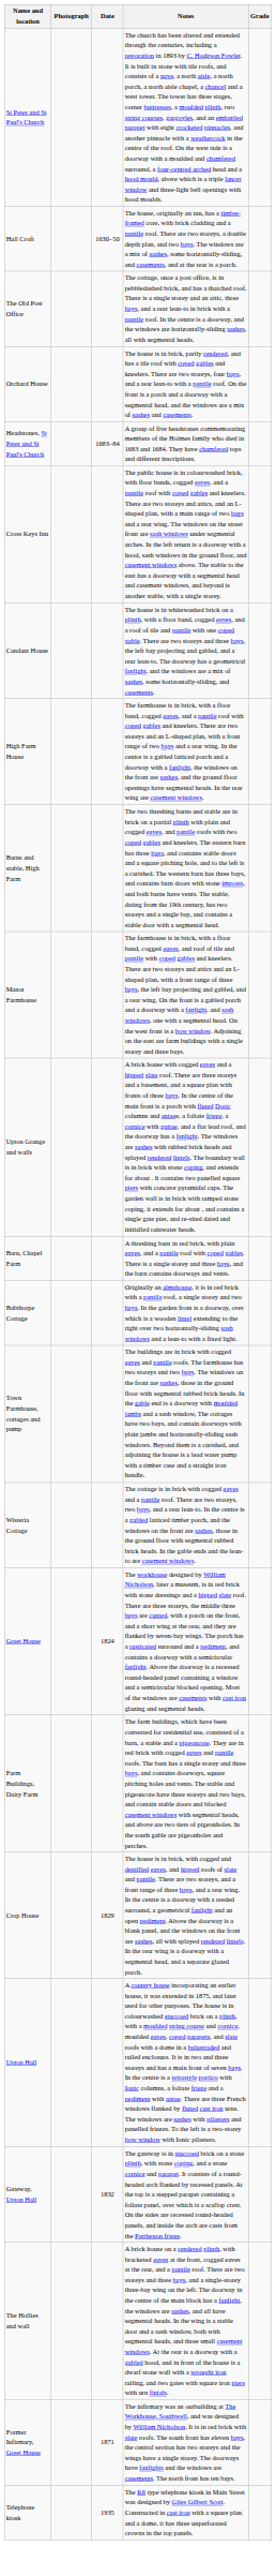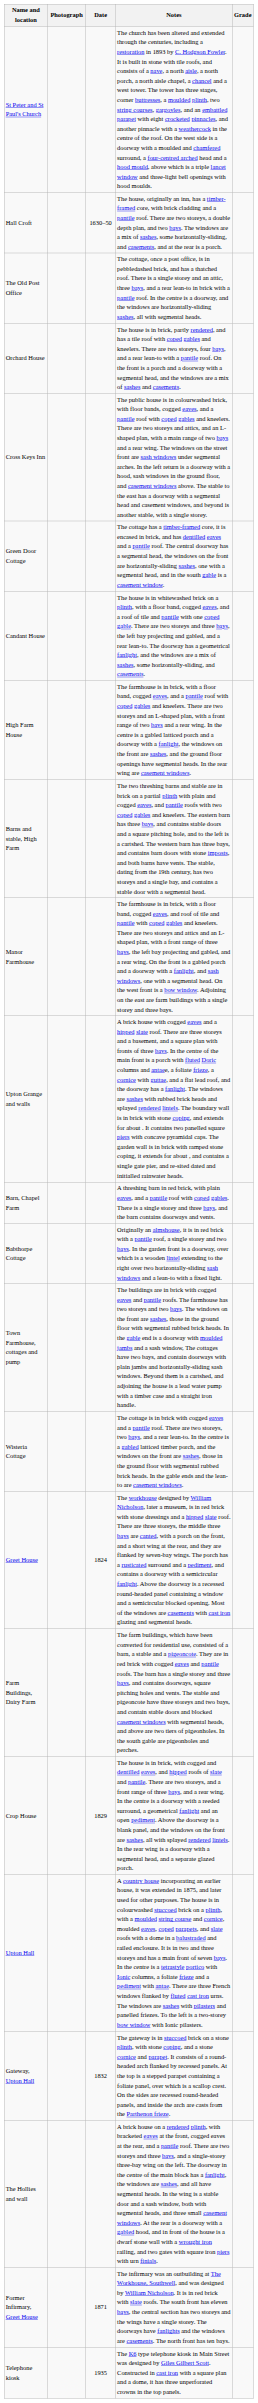 <table class="wikitable sortable plainrowheaders" style="width:100%; border:0px; text-align:left; line-height:150%">
 <tr>
 <th scope="col"  style="width:150px">Name and location</th>
 <th scope="col"  style="width:100px" class="unsortable">Photograph</th>
 <th scope="col"  style="width:120px">Date</th>
 <th scope="col"  style="width:650px" class="unsortable">Notes</th>
 <th scope="col"  style="width:50px">Grade</th>
 </tr>
 <tr>
 <td><a href='#'>St Peter and St Paul's Church</a><br><small></small></td>
 <td></td>
 <td align="center"></td>
 <td>The church has been altered and extended through the centuries, including a <a href='#'>restoration</a> in 1893 by <a href='#'>C. Hodgson Fowler</a>.  It is built in stone with tile roofs, and consists of a <a href='#'>nave</a>, a north <a href='#'>aisle</a>, a north porch, a north aisle chapel, a <a href='#'>chancel</a> and a west tower.  The tower has three stages, corner <a href='#'>buttresses</a>, a <a href='#'>moulded</a> <a href='#'>plinth</a>, two <a href='#'>string courses</a>, <a href='#'>gargoyles</a>, and an <a href='#'>embattled</a> <a href='#'>parapet</a> with eight <a href='#'>crocketed</a> <a href='#'>pinnacles</a>, and another pinnacle with a <a href='#'>weathercock</a> in the centre of the roof.  On the west side is a doorway with a moulded and <a href='#'>chamfered</a> surround, a <a href='#'>four-centred arched</a> head and a <a href='#'>hood mould</a>, above which is a triple <a href='#'>lancet window</a> and three-light bell openings with hood moulds.</td>
 <td align="center" ></td>
 </tr>
 <tr>
 <td>Hall Croft<br><small></small></td>
 <td></td>
 <td align="center">1630–50</td>
 <td>The house, originally an inn, has a <a href='#'>timber-framed</a> core, with brick cladding and a <a href='#'>pantile</a> roof.  There are two storeys, a double depth plan, and two <a href='#'>bays</a>.  The windows are a mix of <a href='#'>sashes</a>, some horizontally-sliding, and <a href='#'>casements</a>, and at the rear is a porch.</td>
 <td align="center" ></td>
 </tr>
 <tr>
 <td>The Old Post Office<br><small></small></td>
 <td></td>
 <td align="center"></td>
 <td>The cottage, once a post office, is in pebbledashed brick, and has a thatched roof.  There is a single storey and an attic, three <a href='#'>bays</a>, and a rear lean-to in brick with a <a href='#'>pantile</a> roof.  In the centre is a doorway, and the windows are horizontally-sliding <a href='#'>sashes</a>, all with segmental heads.</td>
 <td align="center" ></td>
 </tr>
 <tr>
 <td>Orchard House<br><small></small></td>
 <td></td>
 <td align="center"></td>
 <td>The house is in brick, partly <a href='#'>rendered</a>, and has a tile roof with <a href='#'>coped</a> <a href='#'>gables</a> and kneelers.  There are two storeys, four <a href='#'>bays</a>, and a rear lean-to with a <a href='#'>pantile</a> roof.  On the front is a porch and a doorway with a segmental head, and the windows are a mix of <a href='#'>sashes</a> and <a href='#'>casements</a>.</td>
 <td align="center" ></td>
 </tr>
 <tr>
-<td>Headstones, <a href='#'>St Peter and St Paul's Church</a><br><small></small></td>
-<td></td>
-<td align="center">1683–84</td>
-<td>A group of five headstones commemorating members of the Holmes family who died in 1683 and 1684.  They have <a href='#'>chamfered</a> tops and different inscriptions.</td>
-<td align="center" ></td>
-</tr>
-<tr>
 <td>Cross Keys Inn<br><small></small></td>
 <td></td>
 <td align="center"></td>
 <td>The public house is in colourwashed brick, with floor bands, cogged <a href='#'>eaves</a>, and a <a href='#'>pantile</a> roof with <a href='#'>coped</a> <a href='#'>gables</a> and kneelers.  There are two storeys and attics, and an L-shaped plan, with a main range of two <a href='#'>bays</a> and a rear wing.  The windows on the street front are <a href='#'>sash windows</a> under segmental arches.  In the left return is a doorway with a hood, sash windows in the ground floor, and <a href='#'>casement windows</a> above.  The stable to the east has a doorway with a segmental head and casement windows, and beyond is another stable, with a single storey.</td>
+<td align="center" ></td>
+</tr>
+<tr>
+<td>Green Door Cottage<br><small></small></td>
+<td></td>
+<td align="center"></td>
+<td>The cottage has a <a href='#'>timber-framed</a> core, it is encased in brick, and has <a href='#'>dentilled</a> <a href='#'>eaves</a> and a <a href='#'>pantile</a> roof.  The central doorway has a segmental head, the windows on the front are horizontally-sliding <a href='#'>sashes</a>, one with a segmental head, and in the south <a href='#'>gable</a> is a <a href='#'>casement window</a>.</td>
 <td align="center" ></td>
 </tr>
 <tr>
 <td>Candant House<br><small></small></td>
 <td></td>
 <td align="center"></td>
 <td>The house is in whitewashed brick on a <a href='#'>plinth</a>, with a floor band, cogged <a href='#'>eaves</a>, and a roof of tile and <a href='#'>pantile</a> with one <a href='#'>coped</a> <a href='#'>gable</a>.  There are two storeys and three <a href='#'>bays</a>, the left bay projecting and gabled, and a rear lean-to.  The doorway has a geometrical <a href='#'>fanlight</a>, and the windows are a mix of <a href='#'>sashes</a>, some horizontally-sliding, and <a href='#'>casements</a>.</td>
 <td align="center" ></td>
 </tr>
 <tr>
 <td>High Farm House<br><small></small></td>
 <td></td>
 <td align="center"></td>
 <td>The farmhouse is in brick, with a floor band, cogged <a href='#'>eaves</a>, and a <a href='#'>pantile</a> roof with <a href='#'>coped</a> <a href='#'>gables</a> and kneelers.  There are two storeys and an L-shaped plan, with a front range of two <a href='#'>bays</a> and a rear wing.  In the centre is a gabled latticed porch and a doorway with a <a href='#'>fanlight</a>, the windows on the front are <a href='#'>sashes</a>, and the ground floor openings have segmental heads.  In the rear wing are <a href='#'>casement windows</a>.</td>
 <td align="center" ></td>
 </tr>
 <tr>
 <td>Barns and stable, High Farm<br><small></small></td>
 <td></td>
 <td align="center"></td>
 <td>The two threshing barns and stable are in brick on a partial <a href='#'>plinth</a> with plain and cogged <a href='#'>eaves</a>, and <a href='#'>pantile</a> roofs with two <a href='#'>coped</a> <a href='#'>gables</a> and kneelers.  The eastern barn has three <a href='#'>bays</a>, and contains stable doors and a square pitching hole, and to the left is a cartshed.  The western barn has three bays, and contains barn doors with stone <a href='#'>imposts</a>, and both barns have vents.  The stable, dating from the 19th century, has two storeys and a single bay, and contains a stable door with a segmental head.</td>
 <td align="center" ></td>
 </tr>
 <tr>
 <td>Manor Farmhouse<br><small></small></td>
 <td></td>
 <td align="center"></td>
 <td>The farmhouse is in brick, with a floor band, cogged <a href='#'>eaves</a>, and roof of tile and <a href='#'>pantile</a> with <a href='#'>coped</a> <a href='#'>gables</a> and kneelers.  There are two storeys and attics and an L-shaped plan, with a front range of three <a href='#'>bays</a>, the left bay projecting and gabled, and a rear wing.  On the front is a gabled porch and a doorway with a <a href='#'>fanlight</a>, and <a href='#'>sash windows</a>, one with a segmental head.  On the west front is a <a href='#'>bow window</a>.  Adjoining on the east are farm buildings with a single storey and three bays.</td>
 <td align="center" ></td>
 </tr>
 <tr>
 <td>Upton Grange and walls<br><small></small></td>
 <td></td>
 <td align="center"></td>
 <td>A brick house with cogged <a href='#'>eaves</a> and a <a href='#'>hipped</a> <a href='#'>slate</a> roof.  There are three storeys and a basement, and a square plan with fronts of three <a href='#'>bays</a>.  In the centre of the main front is a porch with <a href='#'>fluted</a> <a href='#'>Doric</a> columns and <a href='#'>antae</a>e, a foliate <a href='#'>frieze</a>, a <a href='#'>cornice</a> with <a href='#'>guttae</a>, and a flat lead roof, and the doorway has a <a href='#'>fanlight</a>.  The windows are <a href='#'>sashes</a> with rubbed brick heads and splayed <a href='#'>rendered</a> <a href='#'>lintels</a>.  The boundary wall is in brick with stone <a href='#'>coping</a>, and extends for about .  It contains two panelled square <a href='#'>piers</a> with concave pyramidal caps.  The garden wall is in brick with ramped stone coping, it extends for about , and contains a single gate pier, and re-sited dated and initialled rainwater heads.</td>
 <td align="center" ></td>
 </tr>
 <tr>
 <td>Barn, Chapel Farm<br><small></small></td>
 <td></td>
 <td align="center"></td>
 <td>A threshing barn in red brick, with plain <a href='#'>eaves</a>, and a <a href='#'>pantile</a> roof with <a href='#'>coped</a> <a href='#'>gables</a>.  There is a single storey and three <a href='#'>bays</a>, and the barn contains doorways and vents.</td>
 <td align="center" ></td>
 </tr>
 <tr>
 <td>Babthorpe Cottage<br><small></small></td>
 <td></td>
 <td align="center"></td>
 <td>Originally an <a href='#'>almshouse</a>, it is in red brick with a <a href='#'>pantile</a> roof, a single storey and two <a href='#'>bays</a>.  In the garden front is a doorway, over which is a wooden <a href='#'>lintel</a> extending to the right over two horizontally-sliding <a href='#'>sash windows</a> and a lean-to with a fixed light.</td>
 <td align="center" ></td>
 </tr>
 <tr>
 <td>Town Farmhouse, cottages and pump<br><small></small></td>
 <td></td>
 <td align="center"></td>
 <td>The buildings are in brick with cogged <a href='#'>eaves</a> and <a href='#'>pantile</a> roofs.  The farmhouse has two storeys and two <a href='#'>bays</a>.  The windows on the front are <a href='#'>sashes</a>, those in the ground floor with segmental rubbed brick heads.  In the <a href='#'>gable</a> end is a doorway with <a href='#'>moulded</a> <a href='#'>jambs</a> and a sash window,  The cottages have two bays, and contain doorways with plain jambs and horizontally-sliding sash windows.  Beyond them is a cartshed, and adjoining the house is a lead water pump with a timber case and a straight iron handle.</td>
 <td align="center" ></td>
 </tr>
 <tr>
 <td>Wisteria Cottage<br><small></small></td>
 <td></td>
 <td align="center"></td>
 <td>The cottage is in brick with cogged <a href='#'>eaves</a> and a <a href='#'>pantile</a> roof.  There are two storeys, two <a href='#'>bays</a>, and a rear lean-to.  In the centre is a <a href='#'>gabled</a> latticed timber porch, and the windows on the front are <a href='#'>sashes</a>, those in the ground floor with segmental rubbed brick heads.  In the gable ends and the lean-to are <a href='#'>casement windows</a>.</td>
 <td align="center" ></td>
 </tr>
 <tr>
 <td><a href='#'>Greet House</a><br><small></small></td>
 <td></td>
 <td align="center">1824</td>
 <td>The <a href='#'>workhouse</a> designed by <a href='#'>William Nicholson</a>, later a museum, is in red brick with stone dressings and a <a href='#'>hipped</a> <a href='#'>slate</a> roof.  There are three storeys, the middle three <a href='#'>bays</a> are <a href='#'>canted</a>, with a porch on the front, and a short wing at the rear, and they are flanked by seven-bay wings.  The porch has a <a href='#'>rusticated</a> surround and a <a href='#'>pediment</a>, and contains a doorway with a semicircular <a href='#'>fanlight</a>.  Above the doorway is a recessed round-headed panel containing a window and a semicircular blocked opening.  Most of the windows are <a href='#'>casements</a> with <a href='#'>cast iron</a> glazing and segmental heads.</td>
 <td align="center" ></td>
 </tr>
 <tr>
 <td>Farm Buildings, Dairy Farm<br><small></small></td>
 <td></td>
 <td align="center"></td>
 <td>The farm buildings, which have been converted for residential use, consisted of a barn, a stable and a <a href='#'>pigeoncote</a>. They are in red brick with cogged <a href='#'>eaves</a> and <a href='#'>pantile</a> roofs.  The barn has a single storey and three <a href='#'>bays</a>, and contains doorways, square pitching holes and vents.  The stable and pigeoncote have three storeys and two bays, and contain stable doors and blocked <a href='#'>casement windows</a> with segmental heads, and above are two tiers of pigeonholes.  In the south gable are pigeonholes and perches.</td>
 <td align="center" ></td>
 </tr>
 <tr>
 <td>Crop House<br><small></small></td>
 <td></td>
 <td align="center">1829</td>
 <td>The house is in brick, with cogged and <a href='#'>dentilled</a> <a href='#'>eaves</a>, and <a href='#'>hipped</a> roofs of <a href='#'>slate</a> and <a href='#'>pantile</a>.  There are two storeys, and a front range of three <a href='#'>bays</a>, and a rear wing.  In the centre is a doorway with a reeded surround, a geometrical <a href='#'>fanlight</a> and an open <a href='#'>pediment</a>.  Above the doorway is a blank panel, and the windows on the front are <a href='#'>sashes</a>, all with splayed <a href='#'>rendered</a> <a href='#'>lintels</a>. In the rear wing is a doorway with a segmental head, and a separate glazed porch.</td>
 <td align="center" ></td>
 </tr>
 <tr>
 <td><a href='#'>Upton Hall</a><br><small></small></td>
 <td></td>
 <td align="center"></td>
 <td>A <a href='#'>country house</a> incorporating an earlier house, it was extended in 1875, and later used for other purposes.  The house is in colourwashed <a href='#'>stuccoed</a> brick on a <a href='#'>plinth</a>, with a <a href='#'>moulded</a> <a href='#'>string course</a> and <a href='#'>cornice</a>, moulded <a href='#'>eaves</a>, <a href='#'>coped</a> <a href='#'>parapets</a>, and <a href='#'>slate</a> roofs with a dome in a <a href='#'>balustraded</a> and railed enclosure.  It is in two and three storeys and has a main front of seven <a href='#'>bays</a>.  In the centre is a <a href='#'>tetrastyle</a> <a href='#'>portico</a> with <a href='#'>Ionic</a> columns, a foliate <a href='#'>frieze</a> and a <a href='#'>pediment</a> with <a href='#'>antae</a>.  There are three French windows flanked by <a href='#'>fluted</a> <a href='#'>cast iron</a> urns. The windows are <a href='#'>sashes</a> with <a href='#'>pilasters</a> and panelled friezes.  To the left is a two-storey <a href='#'>bow window</a> with Ionic pilasters.</td>
 <td align="center" ></td>
 </tr>
 <tr>
 <td>Gateway, <a href='#'>Upton Hall</a><br><small></small></td>
 <td></td>
 <td align="center">1832</td>
 <td>The gateway is in <a href='#'>stuccoed</a> brick on a stone <a href='#'>plinth</a>, with stone <a href='#'>coping</a>, and a stone <a href='#'>cornice</a> and <a href='#'>parapet</a>.  It consists of a round-headed arch flanked by recessed panels. At the top is a stepped parapet containing a foliate panel, over which is a scallop crest.  On the sides are recessed round-headed panels, and inside the arch are casts from the <a href='#'>Parthenon frieze</a>.</td>
 <td align="center" ></td>
 </tr>
 <tr>
 <td>The Hollies and wall<br><small></small></td>
 <td></td>
 <td align="center"></td>
 <td>A brick house on a <a href='#'>rendered</a> <a href='#'>plinth</a>, with bracketed <a href='#'>eaves</a> at the front, cogged eaves at the rear, and a <a href='#'>pantile</a> roof.  There are two storeys and three <a href='#'>bays</a>, and a single-storey three-bay wing on the left.  The doorway in the centre of the main block has a <a href='#'>fanlight</a>, the windows are <a href='#'>sashes</a>, and all have segmental heads.  In the wing is a stable door and a sash window, both with segmental heads, and three small <a href='#'>casement windows</a>.  At the rear is a doorway with a <a href='#'>gabled</a> hood, and in front of the house is a dwarf stone wall with a  <a href='#'>wrought iron</a> railing, and two gates with square iron <a href='#'>piers</a> with urn <a href='#'>finials</a>.</td>
 <td align="center" ></td>
 </tr>
 <tr>
 <td>Former Infirmary, <a href='#'>Greet House</a><br><small></small></td>
 <td></td>
 <td align="center">1871</td>
 <td>The infirmary was an outbuilding at <a href='#'>The Workhouse, Southwell</a>, and was designed by <a href='#'>William Nicholson</a>.  It is in red brick with <a href='#'>slate</a> roofs.  The south front has eleven <a href='#'>bays</a>, the central section has two storeys and the wings have a single storey.  The doorways have <a href='#'>fanlights</a> and the windows are <a href='#'>casements</a>.  The north front has ten bays.</td>
 <td align="center" ></td>
 </tr>
 <tr>
 <td>Telephone kiosk<br><small></small></td>
 <td></td>
 <td align="center">1935</td>
 <td>The <a href='#'>K6</a> type telephone kiosk in Main Street was designed by <a href='#'>Giles Gilbert Scott</a>.  Constructed in <a href='#'>cast iron</a> with a square plan and a dome, it has three unperforated crowns in the top panels.</td>
 <td align="center" ></td>
 </tr>
 <tr>
 </tr>
 </table>
